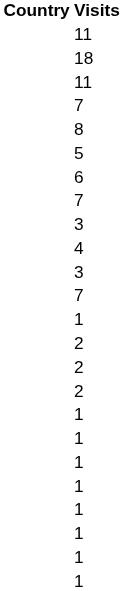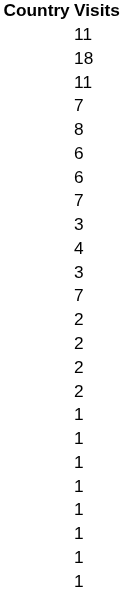 <table class="standard sortable" style="float:center; margin:2ex 0 2ex 2ex;">
 <tr>
 <th>Country</th>
 <th>Visits</th>
 </tr>
 <tr>
 <td></td>
 <td>11</td>
 </tr>
 <tr>
 <td></td>
 <td>18</td>
 </tr>
 <tr>
 <td></td>
 <td>11</td>
 </tr>
 <tr>
 <td></td>
 <td>7</td>
 </tr>
 <tr>
 <td></td>
 <td>8</td>
 </tr>
 <tr>
 <td></td>
-<td>5</td>
+<td>6</td>
 </tr>
 <tr>
 <td></td>
 <td>6</td>
 </tr>
 <tr>
 <td></td>
 <td>7</td>
 </tr>
 <tr>
 <td></td>
 <td>3</td>
 </tr>
 <tr>
 <td></td>
 <td>4</td>
 </tr>
 <tr>
 <td></td>
 <td>3</td>
 </tr>
 <tr>
 <td></td>
 <td>7</td>
 </tr>
 <tr>
 <td></td>
-<td>1</td>
+<td>2</td>
 </tr>
 <tr>
 <td></td>
 <td>2</td>
 </tr>
 <tr>
 <td></td>
 <td>2</td>
 </tr>
 <tr>
 <td></td>
 <td>2</td>
 </tr>
 <tr>
 <td></td>
 <td>1</td>
 </tr>
 <tr>
 <td></td>
 <td>1</td>
 </tr>
 <tr>
 <td></td>
 <td>1</td>
 </tr>
 <tr>
 <td></td>
 <td>1</td>
 </tr>
 <tr>
 <td></td>
 <td>1</td>
 </tr>
 <tr>
 <td></td>
 <td>1</td>
 </tr>
 <tr>
 <td></td>
 <td>1</td>
 </tr>
 <tr>
 <td></td>
 <td>1</td>
 </tr>
 </table>
